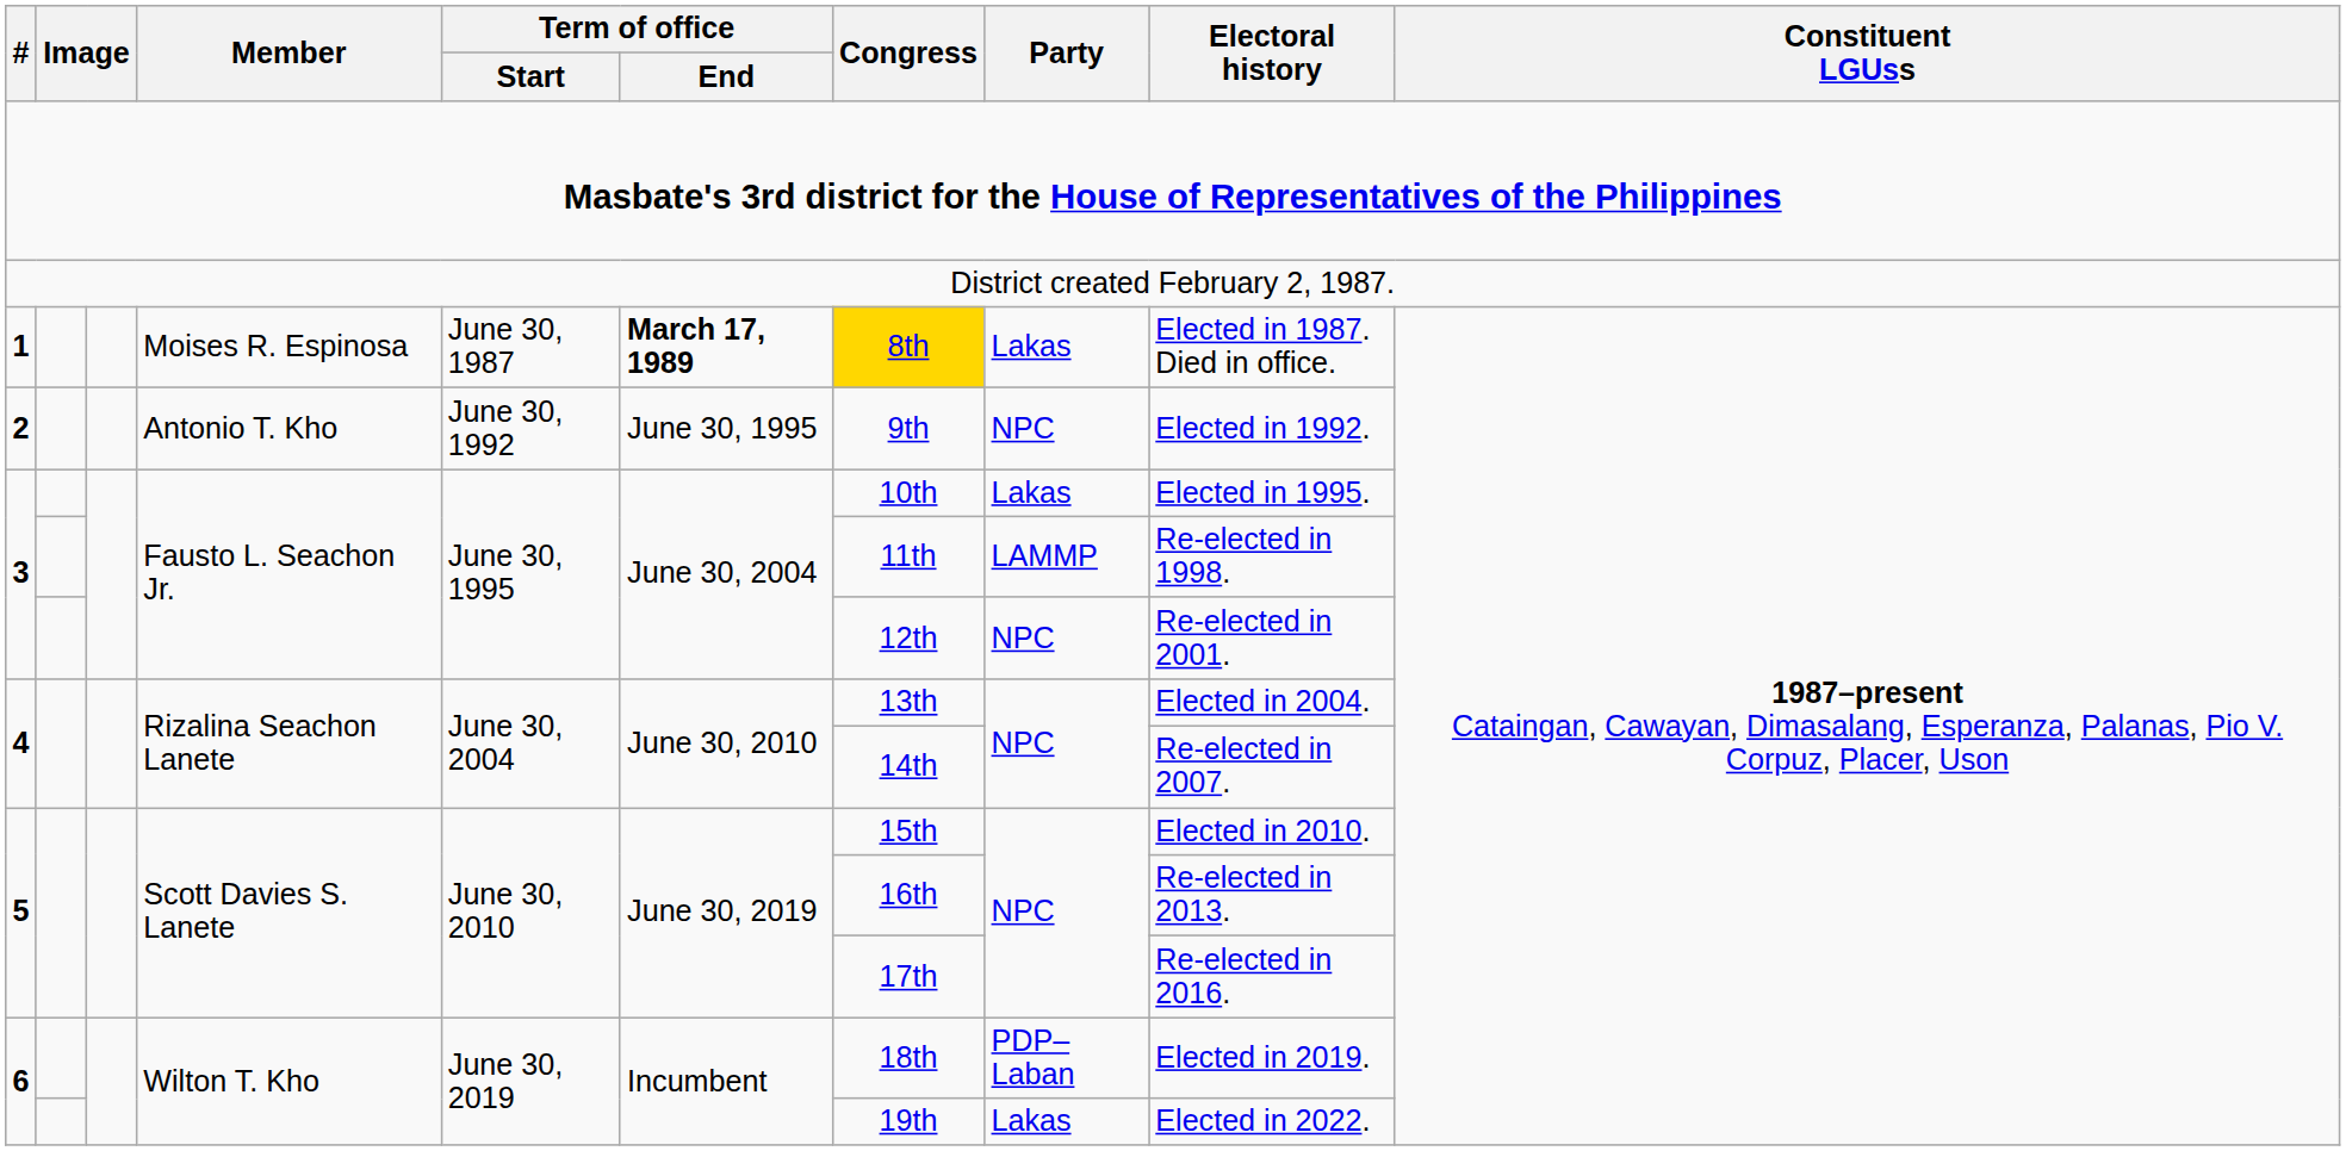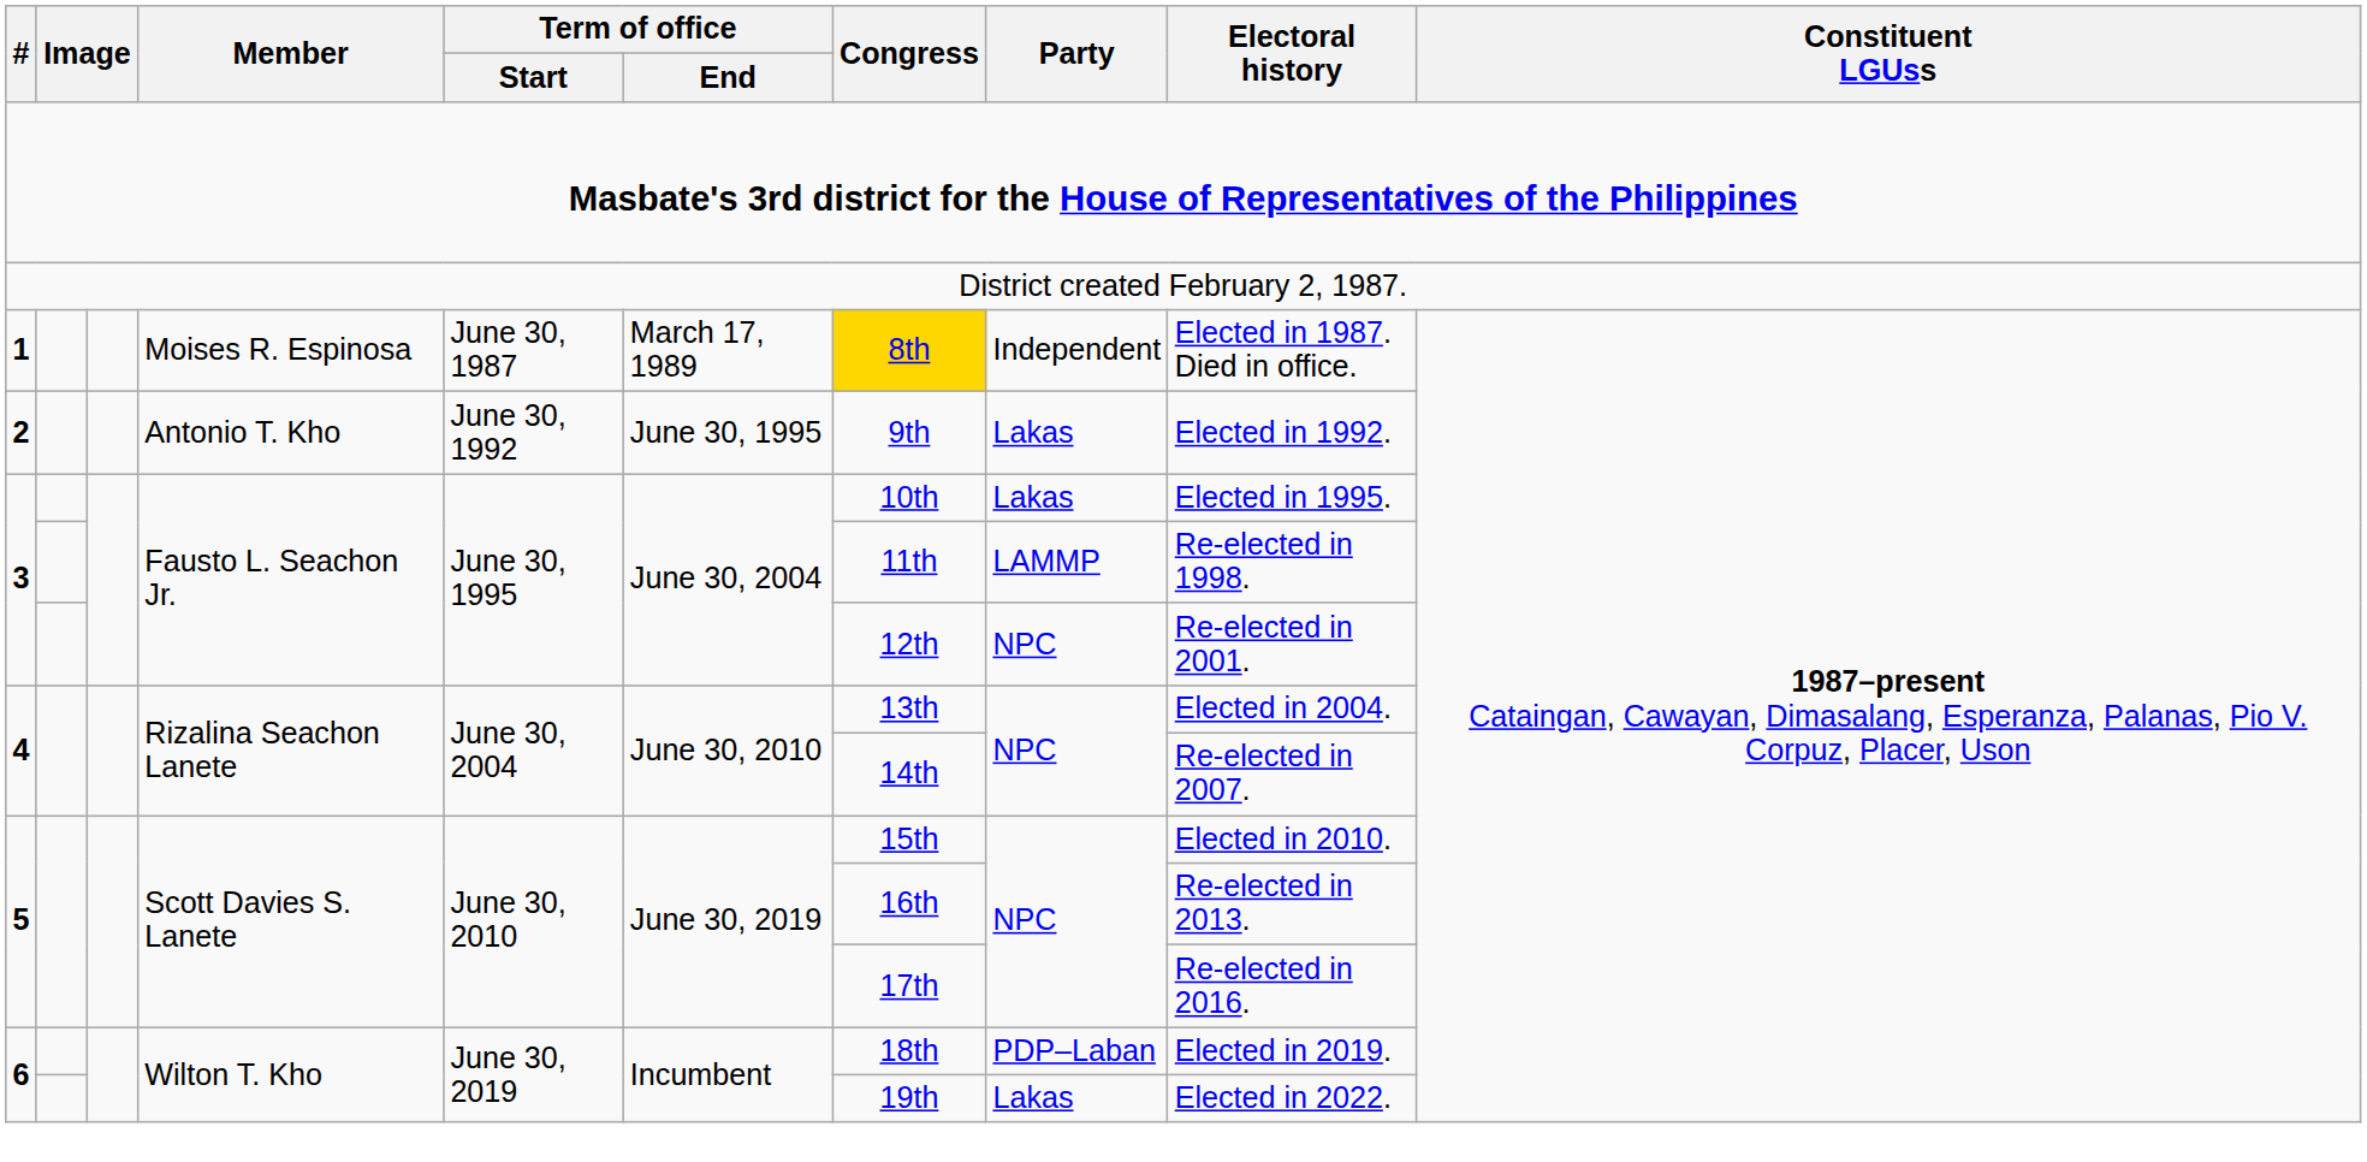 <table class=wikitable>
 <tr>
 <th rowspan="2">#</th>
 <th rowspan="2" colspan=2>Image</th>
 <th rowspan="2">Member</th>
 <th colspan=2>Term of office</th>
 <th rowspan="2">Congress</th>
 <th rowspan="2">Party</th>
 <th rowspan="2">Electoral history</th>
 <th rowspan="2">Constituent<br><a href='#'>LGUs</a>s</th>
 </tr>
 <tr>
 <th>Start</th>
 <th>End</th>
 </tr>
 <tr>
 <td colspan="10" style="text-align:center;"><br><h3>Masbate's 3rd district for the <a href='#'>House of Representatives of the Philippines</a></h3></td>
 </tr>
 <tr>
 <td colspan="10" style="text-align:center;">District created February 2, 1987.</td>
 </tr>
 <tr>
 <td style="text-align:center;"><strong>1</strong></td>
 <td style="color:inherit;background:"></td>
 <td></td>
 <td>Moises R. Espinosa</td>
 <td>June 30, 1987</td>
-<td><strong>March 17, 1989</strong></td>
+<td>March 17, 1989</td>
 <td style="background: gold; text-align:center;"><a href='#'>8th</a></td>
-<td><a href='#'>Lakas</a></td>
+<td>Independent</td>
 <td><a href='#'>Elected in 1987</a>.<br>Died in office.</td>
 <td rowspan="12" style="text-align:center;"><strong>1987–present</strong><br><a href='#'>Cataingan</a>, <a href='#'>Cawayan</a>, <a href='#'>Dimasalang</a>, <a href='#'>Esperanza</a>, <a href='#'>Palanas</a>, <a href='#'>Pio V. Corpuz</a>, <a href='#'>Placer</a>, <a href='#'>Uson</a></td>
 </tr>
 <tr>
 <td style="text-align:center;"><strong>2</strong></td>
 <td style="color:inherit;background:"></td>
 <td></td>
 <td>Antonio T. Kho</td>
 <td>June 30, 1992</td>
 <td>June 30, 1995</td>
 <td style="text-align:center;"><a href='#'>9th</a></td>
-<td><a href='#'>NPC</a></td>
+<td><a href='#'>Lakas</a></td>
 <td><a href='#'>Elected in 1992</a>.</td>
 </tr>
 <tr>
 <td rowspan="3" style="text-align:center;"><strong>3</strong></td>
 <td style="color:inherit;background:"></td>
 <td rowspan="3"></td>
 <td rowspan="3">Fausto L. Seachon Jr.</td>
 <td rowspan="3">June 30, 1995</td>
 <td rowspan="3">June 30, 2004</td>
 <td style="text-align:center;"><a href='#'>10th</a></td>
 <td><a href='#'>Lakas</a></td>
 <td><a href='#'>Elected in 1995</a>.</td>
 </tr>
 <tr>
 <td style="color:inherit;background:"></td>
 <td style="text-align:center;"><a href='#'>11th</a></td>
 <td><a href='#'>LAMMP</a></td>
 <td><a href='#'>Re-elected in 1998</a>.</td>
 </tr>
 <tr>
 <td style="color:inherit;background:"></td>
 <td style="text-align:center;"><a href='#'>12th</a></td>
 <td><a href='#'>NPC</a></td>
 <td><a href='#'>Re-elected in 2001</a>.</td>
 </tr>
 <tr>
 <td rowspan="2" style="text-align:center;"><strong>4</strong></td>
 <td rowspan="2" style="color:inherit;background:"></td>
 <td rowspan="2"></td>
 <td rowspan="2">Rizalina Seachon Lanete</td>
 <td rowspan="2">June 30, 2004</td>
 <td rowspan="2">June 30, 2010</td>
 <td style="text-align:center;"><a href='#'>13th</a></td>
 <td rowspan="2"><a href='#'>NPC</a></td>
 <td><a href='#'>Elected in 2004</a>.</td>
 </tr>
 <tr>
 <td style="text-align:center;"><a href='#'>14th</a></td>
 <td><a href='#'>Re-elected in 2007</a>.</td>
 </tr>
 <tr>
 <td rowspan="3" style="text-align:center;"><strong>5</strong></td>
 <td rowspan="3" style="color:inherit;background:"></td>
 <td rowspan="3"></td>
 <td rowspan="3">Scott Davies S. Lanete</td>
 <td rowspan="3">June 30, 2010</td>
 <td rowspan="3">June 30, 2019</td>
 <td style="text-align:center;"><a href='#'>15th</a></td>
 <td rowspan="3"><a href='#'>NPC</a></td>
 <td><a href='#'>Elected in 2010</a>.</td>
 </tr>
 <tr>
 <td style="text-align:center;"><a href='#'>16th</a></td>
 <td><a href='#'>Re-elected in 2013</a>.</td>
 </tr>
 <tr>
 <td style="text-align:center;"><a href='#'>17th</a></td>
 <td><a href='#'>Re-elected in 2016</a>.</td>
 </tr>
 <tr>
 <td rowspan="2" style="text-align:center;"><strong>6</strong></td>
 <td style="color:inherit;background:"></td>
 <td rowspan="2"></td>
 <td rowspan="2">Wilton T. Kho</td>
 <td rowspan="2">June 30, 2019</td>
 <td rowspan="2">Incumbent</td>
 <td style="text-align:center;"><a href='#'>18th</a></td>
 <td><a href='#'>PDP–Laban</a></td>
 <td><a href='#'>Elected in 2019</a>.</td>
 </tr>
 <tr>
 <td style="color:inherit;background:"></td>
 <td style="text-align:center;"><a href='#'>19th</a></td>
 <td><a href='#'>Lakas</a></td>
 <td><a href='#'>Elected in 2022</a>.</td>
 </tr>
 </table>
